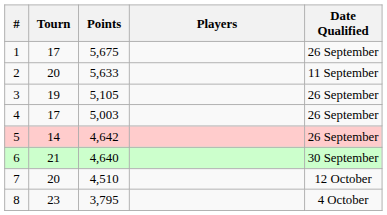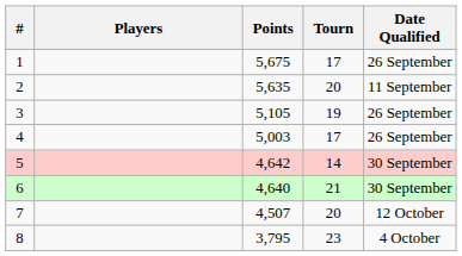 <table class="sortable wikitable"  style="float:right; text-align:center; font-size:90%; text:justify; margin-left:10px; margin-bottom:10px;">
 <tr>
 <th width=20>#</th>
+<th width=190>Players</th>
+<th width=50>Points</th>
 <th width=50>Tourn</th>
-<th width=50>Points</th>
-<th width=190>Players</th>
 <th width=80>Date Qualified</th>
 </tr>
 <tr>
 <td>1</td>
+<td align=left></td>
+<td>5,675</td>
 <td>17</td>
-<td>5,675</td>
-<td align=left></td>
 <td>26 September</td>
 </tr>
 <tr>
 <td>2</td>
+<td align=left></td>
+<td>5,635</td>
 <td>20</td>
-<td>5,633</td>
-<td align=left></td>
 <td>11 September</td>
 </tr>
 <tr>
 <td>3</td>
+<td align=left></td>
+<td>5,105</td>
 <td>19</td>
-<td>5,105</td>
-<td align=left></td>
 <td>26 September</td>
 </tr>
 <tr>
 <td>4</td>
+<td align=left></td>
+<td>5,003</td>
 <td>17</td>
-<td>5,003</td>
-<td align=left></td>
 <td>26 September</td>
 </tr>
 <tr style="background:#fcc;">
 <td>5</td>
+<td align=left></td>
+<td>4,642</td>
 <td>14</td>
-<td>4,642</td>
-<td align=left></td>
-<td>26 September</td>
+<td>30 September</td>
 </tr>
 <tr style="background:#cfc;">
 <td>6</td>
+<td align=left></td>
+<td>4,640</td>
 <td>21</td>
-<td>4,640</td>
-<td align=left></td>
 <td>30 September</td>
 </tr>
 <tr>
 <td>7</td>
+<td align=left></td>
+<td>4,507</td>
 <td>20</td>
-<td>4,510</td>
-<td align=left></td>
 <td>12 October</td>
 </tr>
 <tr>
 <td>8</td>
+<td align=left></td>
+<td>3,795</td>
 <td>23</td>
-<td>3,795</td>
-<td align=left></td>
 <td>4 October</td>
 </tr>
 </table>
